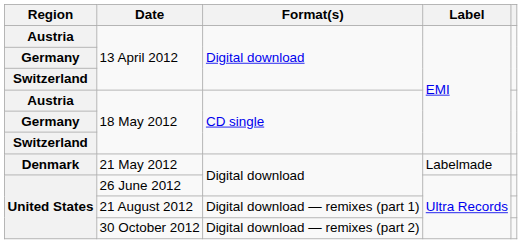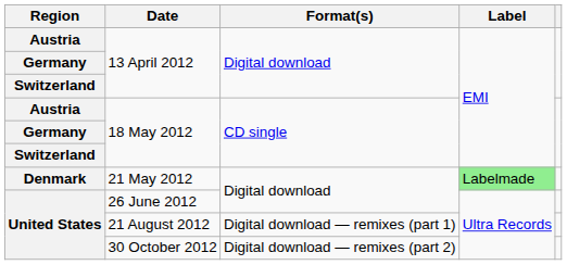 <table class="wikitable plainrowheaders">
 <tr>
 <th scope="col">Region</th>
 <th scope="col">Date</th>
 <th scope="col">Format(s)</th>
 <th scope="col">Label</th>
 <th scope="col"></th>
 </tr>
 <tr>
 <th scope="row">Austria</th>
 <td rowspan="3">13 April 2012</td>
 <td rowspan="3"><a href='#'>Digital download</a></td>
 <td rowspan="6"><a href='#'>EMI</a></td>
 <td rowspan="3"></td>
 </tr>
 <tr>
 <th scope="row">Germany</th>
 </tr>
 <tr>
 <th scope="row">Switzerland</th>
 </tr>
 <tr>
 <th scope="row">Austria</th>
 <td rowspan="3">18 May 2012</td>
 <td rowspan="3"><a href='#'>CD single</a></td>
 <td rowspan="3"></td>
 </tr>
 <tr>
 <th scope="row">Germany</th>
 </tr>
 <tr>
 <th scope="row">Switzerland</th>
 </tr>
 <tr>
 <th scope="row">Denmark</th>
 <td>21 May 2012</td>
 <td rowspan="2">Digital download</td>
-<td>Labelmade</td>
+<td style="background: lightgreen;">Labelmade</td>
 <td></td>
 </tr>
 <tr>
 <th scope="row" rowspan="3">United States</th>
 <td>26 June 2012</td>
 <td rowspan="3"><a href='#'>Ultra Records</a></td>
 <td></td>
 </tr>
 <tr>
 <td>21 August 2012</td>
 <td>Digital download — remixes (part 1)</td>
 <td></td>
 </tr>
 <tr>
 <td>30 October 2012</td>
 <td>Digital download — remixes (part 2)</td>
 <td></td>
 </tr>
 </table>
